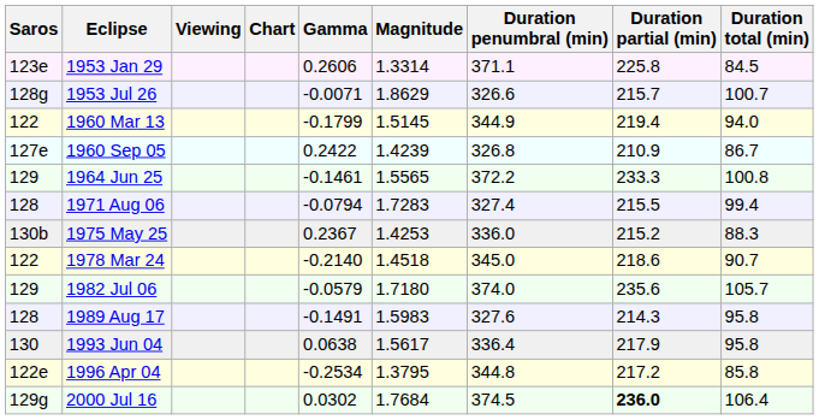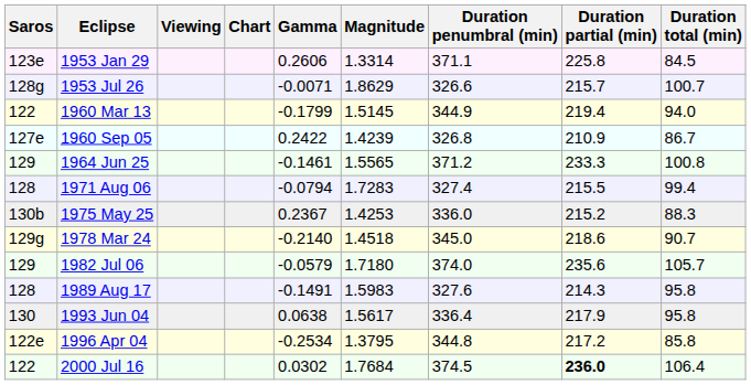 <table class="wikitable sortable">
 <tr>
 <th>Saros</th>
 <th>Eclipse</th>
 <th>Viewing</th>
 <th>Chart</th>
 <th>Gamma</th>
 <th>Magnitude</th>
 <th>Duration<br>penumbral (min)</th>
 <th>Duration<br>partial (min)</th>
 <th>Duration<br>total (min)</th>
 </tr>
 <tr BGCOLOR="#fff0ff">
 <td>123e</td>
 <td><a href='#'>1953 Jan 29</a></td>
 <td></td>
 <td></td>
 <td>0.2606</td>
 <td>1.3314</td>
 <td>371.1</td>
 <td>225.8</td>
 <td>84.5</td>
 </tr>
 <tr BGCOLOR="#f0f0ff">
 <td>128g</td>
 <td><a href='#'>1953 Jul 26</a></td>
 <td></td>
 <td></td>
 <td>-0.0071</td>
 <td>1.8629</td>
 <td>326.6</td>
 <td>215.7</td>
 <td>100.7</td>
 </tr>
 <tr BGCOLOR="#ffffe0">
 <td>122</td>
 <td><a href='#'>1960 Mar 13</a></td>
 <td></td>
 <td></td>
 <td>-0.1799</td>
 <td>1.5145</td>
 <td>344.9</td>
 <td>219.4</td>
 <td>94.0</td>
 </tr>
 <tr BGCOLOR="#f0ffff">
 <td>127e</td>
 <td><a href='#'>1960 Sep 05</a></td>
 <td></td>
 <td></td>
 <td>0.2422</td>
 <td>1.4239</td>
 <td>326.8</td>
 <td>210.9</td>
 <td>86.7</td>
 </tr>
 <tr BGCOLOR="#f0fff0">
 <td>129</td>
 <td><a href='#'>1964 Jun 25</a></td>
 <td></td>
 <td></td>
 <td>-0.1461</td>
 <td>1.5565</td>
-<td>372.2</td>
+<td>371.2</td>
 <td>233.3</td>
 <td>100.8</td>
 </tr>
 <tr BGCOLOR="#f0f0ff">
 <td>128</td>
 <td><a href='#'>1971 Aug 06</a></td>
 <td></td>
 <td></td>
 <td>-0.0794</td>
 <td>1.7283</td>
 <td>327.4</td>
 <td>215.5</td>
 <td>99.4</td>
 </tr>
 <tr BGCOLOR="#f0f0f0">
 <td>130b</td>
 <td><a href='#'>1975 May 25</a></td>
 <td></td>
 <td></td>
 <td>0.2367</td>
 <td>1.4253</td>
 <td>336.0</td>
 <td>215.2</td>
 <td>88.3</td>
 </tr>
 <tr BGCOLOR="#ffffe0">
-<td>122</td>
+<td>129g</td>
 <td><a href='#'>1978 Mar 24</a></td>
 <td></td>
 <td></td>
 <td>-0.2140</td>
 <td>1.4518</td>
 <td>345.0</td>
 <td>218.6</td>
 <td>90.7</td>
 </tr>
 <tr BGCOLOR="#f0fff0">
 <td>129</td>
 <td><a href='#'>1982 Jul 06</a></td>
 <td></td>
 <td></td>
 <td>-0.0579</td>
 <td>1.7180</td>
 <td>374.0</td>
 <td>235.6</td>
 <td>105.7</td>
 </tr>
 <tr BGCOLOR="#f0f0ff">
 <td>128</td>
 <td><a href='#'>1989 Aug 17</a></td>
 <td></td>
 <td></td>
 <td>-0.1491</td>
 <td>1.5983</td>
 <td>327.6</td>
 <td>214.3</td>
 <td>95.8</td>
 </tr>
 <tr BGCOLOR="#f0f0f0">
 <td>130</td>
 <td><a href='#'>1993 Jun 04</a></td>
 <td></td>
 <td></td>
 <td>0.0638</td>
 <td>1.5617</td>
 <td>336.4</td>
 <td>217.9</td>
 <td>95.8</td>
 </tr>
 <tr BGCOLOR="#ffffe0">
 <td>122e</td>
 <td><a href='#'>1996 Apr 04</a><br></td>
 <td></td>
 <td></td>
 <td>-0.2534</td>
 <td>1.3795</td>
 <td>344.8</td>
 <td>217.2</td>
 <td>85.8</td>
 </tr>
 <tr BGCOLOR="#f0fff0">
-<td>129g</td>
+<td>122</td>
 <td><a href='#'>2000 Jul 16</a></td>
 <td></td>
 <td></td>
 <td>0.0302</td>
 <td>1.7684</td>
 <td>374.5</td>
 <td><strong>236.0</strong></td>
 <td>106.4</td>
 </tr>
 </table>
